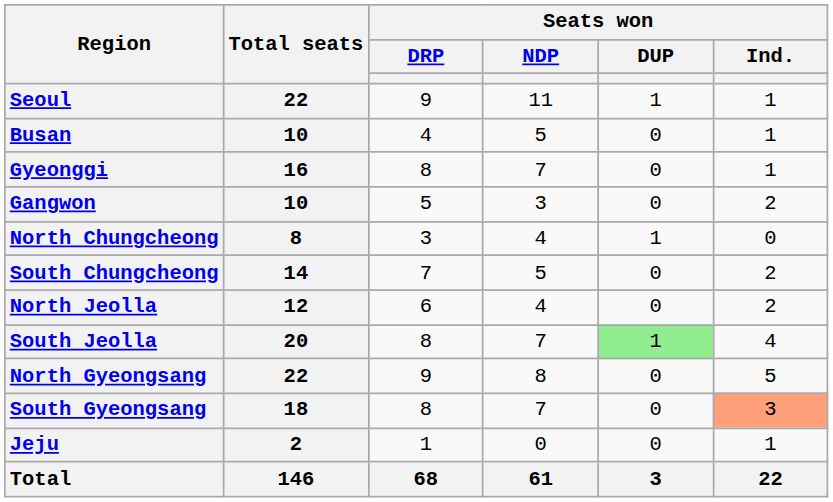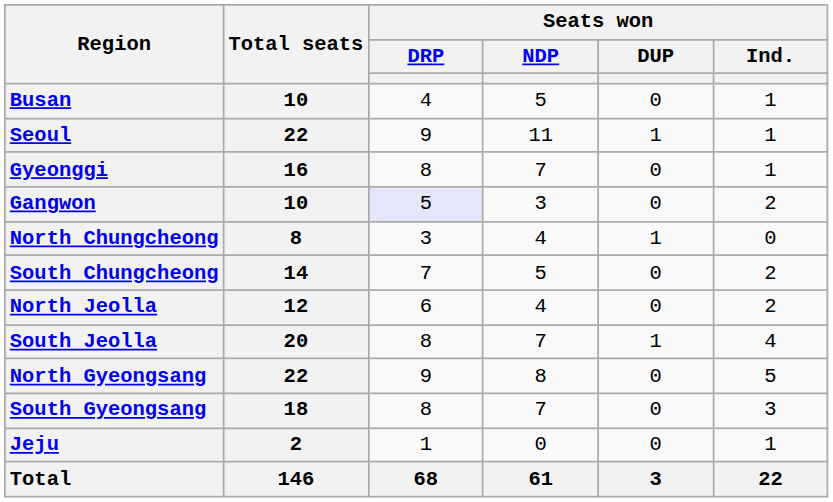 <table class=wikitable style="text-align:center; font-size: 0.9em">
 <tr>
 <th rowspan="3">Region</th>
 <th rowspan="3">Total seats</th>
 <th colspan="4">Seats won</th>
 </tr>
 <tr>
 <th class="unsortable" style="width:60px"><a href='#'>DRP</a></th>
 <th class="unsortable" style="width:60px"><a href='#'>NDP</a></th>
 <th class="unsortable" style="width:60px">DUP</th>
 <th class="unsortable" style="width:60px">Ind.</th>
 </tr>
 <tr>
 <th style="background:"></th>
 <th style="background:"></th>
 <th style="background:"></th>
 <th style="background:"></th>
 </tr>
 <tr>
+<th style="text-align: left"><a href='#'>Busan</a></th>
+<th>10</th>
+<td>4</td>
+<td>5</td>
+<td>0</td>
+<td>1</td>
+</tr>
+<tr>
 <th style="text-align: left"><a href='#'>Seoul</a></th>
 <th>22</th>
 <td>9</td>
 <td>11</td>
 <td>1</td>
-<td>1</td>
-</tr>
-<tr>
-<th style="text-align: left"><a href='#'>Busan</a></th>
-<th>10</th>
-<td>4</td>
-<td>5</td>
-<td>0</td>
 <td>1</td>
 </tr>
 <tr>
 <th style="text-align: left"><a href='#'>Gyeonggi</a></th>
 <th>16</th>
 <td>8</td>
 <td>7</td>
 <td>0</td>
 <td>1</td>
 </tr>
 <tr>
 <th style="text-align: left"><a href='#'>Gangwon</a></th>
 <th>10</th>
-<td>5</td>
+<td style="background: lavender;">5</td>
 <td>3</td>
 <td>0</td>
 <td>2</td>
 </tr>
 <tr>
 <th style="text-align: left"><a href='#'>North Chungcheong</a></th>
 <th>8</th>
 <td>3</td>
 <td>4</td>
 <td>1</td>
 <td>0</td>
 </tr>
 <tr>
 <th style="text-align: left"><a href='#'>South Chungcheong</a></th>
 <th>14</th>
 <td>7</td>
 <td>5</td>
 <td>0</td>
 <td>2</td>
 </tr>
 <tr>
 <th style="text-align: left"><a href='#'>North Jeolla</a></th>
 <th>12</th>
 <td>6</td>
 <td>4</td>
 <td>0</td>
 <td>2</td>
 </tr>
 <tr>
 <th style="text-align: left"><a href='#'>South Jeolla</a></th>
 <th>20</th>
 <td>8</td>
 <td>7</td>
-<td style="background: lightgreen;">1</td>
+<td>1</td>
 <td>4</td>
 </tr>
 <tr>
 <th style="text-align: left"><a href='#'>North Gyeongsang</a></th>
 <th>22</th>
 <td>9</td>
 <td>8</td>
 <td>0</td>
 <td>5</td>
 </tr>
 <tr>
 <th style="text-align: left"><a href='#'>South Gyeongsang</a></th>
 <th>18</th>
 <td>8</td>
 <td>7</td>
 <td>0</td>
-<td style="background: lightsalmon;">3</td>
+<td>3</td>
 </tr>
 <tr>
 <th style="text-align: left"><a href='#'>Jeju</a></th>
 <th>2</th>
 <td>1</td>
 <td>0</td>
 <td>0</td>
 <td>1</td>
 </tr>
 <tr class="sortbottom">
 <th style="text-align: left">Total</th>
 <th>146</th>
 <th>68</th>
 <th>61</th>
 <th>3</th>
 <th>22</th>
 </tr>
 </table>
